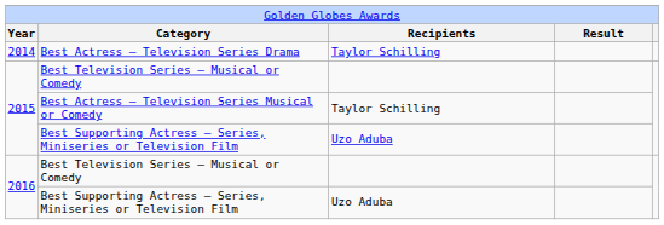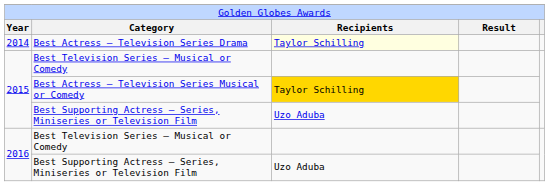 <table class="wikitable plainrowheaders" style="font-size: 100%; width:85%">
 <tr>
 </tr>
 <tr ---- bgcolor="#bfd7ff">
 <td colspan=6 align=center><a href='#'>Golden Globes Awards</a></td>
 </tr>
 <tr ---- bgcolor="#ebf5ff">
 <th scope="col" style="width:2%;">Year</th>
 <th scope="col" style="width:45%;">Category</th>
 <th scope="col" style="width:35%;">Recipients</th>
 <th scope="col" style="width:15%;">Result</th>
 <th scope="col" class="unsortable" style="width:1%;"></th>
 </tr>
 <tr>
 <td style="text-align:center;"><a href='#'>2014</a></td>
 <td><a href='#'>Best Actress – Television Series Drama</a></td>
-<td><a href='#'>Taylor Schilling</a></td>
+<td style="background: lightyellow;"><a href='#'>Taylor Schilling</a></td>
 <td></td>
 <td style="text-align:center;"></td>
 </tr>
 <tr>
 <td rowspan=3 style="text-align:center;"><a href='#'>2015</a></td>
 <td><a href='#'>Best Television Series – Musical or Comedy</a></td>
 <td></td>
 <td></td>
 <td rowspan=3 style="text-align:center;"></td>
 </tr>
 <tr>
 <td><a href='#'>Best Actress – Television Series Musical or Comedy</a></td>
-<td>Taylor Schilling</td>
+<td style="background: gold;">Taylor Schilling</td>
 <td></td>
 </tr>
 <tr>
 <td><a href='#'>Best Supporting Actress – Series, Miniseries or Television Film</a></td>
 <td><a href='#'>Uzo Aduba</a></td>
 <td></td>
 </tr>
 <tr>
 <td rowspan=2 style="text-align:center;"><a href='#'>2016</a></td>
 <td>Best Television Series – Musical or Comedy</td>
 <td></td>
 <td></td>
 <td rowspan=2 style="text-align:center;"></td>
 </tr>
 <tr>
 <td>Best Supporting Actress – Series, Miniseries or Television Film</td>
 <td>Uzo Aduba</td>
 <td></td>
 </tr>
 </table>
